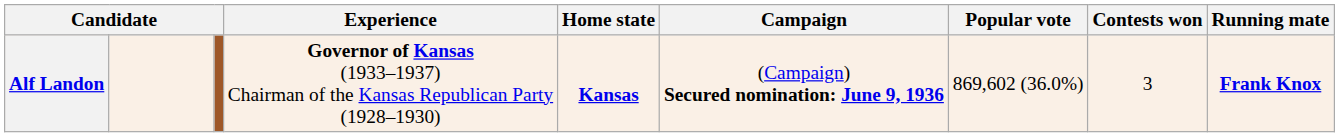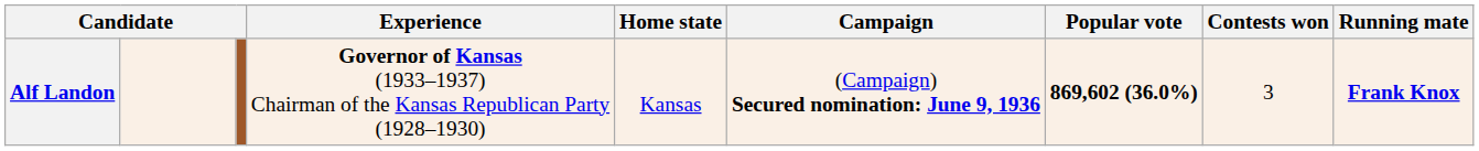 <table class="wikitable sortable" style="text-align:center;">
 <tr>
 <th colspan="3">Candidate</th>
 <th class="unsortable">Experience</th>
 <th>Home state</th>
 <th data-sort-type="date">Campaign</th>
 <th>Popular vote</th>
 <th>Contests won</th>
 <th>Running mate</th>
 </tr>
 <tr style="background:linen;">
 <th scope="row" data-sort-="Hoover"><a href='#'>Alf Landon</a></th>
 <td style="min-width:80px;"></td>
 <td style="background:#9e5728;"></td>
 <td><strong>Governor of <a href='#'>Kansas</a></strong><br>(1933–1937)<br>Chairman of the <a href='#'>Kansas Republican Party</a><br>(1928–1930)</td>
-<td><strong><br><a href='#'>Kansas</a></strong></td>
+<td><br><a href='#'>Kansas</a></td>
 <td>(<a href='#'>Campaign</a>)<br><strong>Secured nomination:</strong> <strong><a href='#'>June 9, 1936</a></strong></td>
-<td>869,602 (36.0%)</td>
+<td><strong>869,602 (36.0%)</strong></td>
 <td>3</td>
 <td><strong><a href='#'>Frank Knox</a></strong></td>
 </tr>
 </table>
